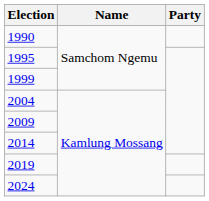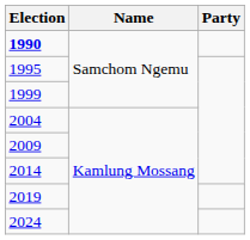 <table class="wikitable sortable">
 <tr>
 <th>Election</th>
 <th>Name</th>
 <th colspan=2>Party</th>
 </tr>
 <tr>
-<td><a href='#'>1990</a></td>
+<td><strong><a href='#'>1990</a></strong></td>
 <td rowspan=3>Samchom Ngemu</td>
 <td></td>
 </tr>
 <tr>
 <td><a href='#'>1995</a></td>
 </tr>
 <tr>
 <td><a href='#'>1999</a></td>
 </tr>
 <tr>
 <td><a href='#'>2004</a></td>
 <td rowspan=5><a href='#'>Kamlung Mossang</a></td>
 </tr>
 <tr>
 <td><a href='#'>2009</a></td>
 </tr>
 <tr>
 <td><a href='#'>2014</a></td>
 </tr>
 <tr>
 <td><a href='#'>2019</a></td>
 <td></td>
 </tr>
 <tr>
 <td><a href='#'>2024</a></td>
 </tr>
 </table>
